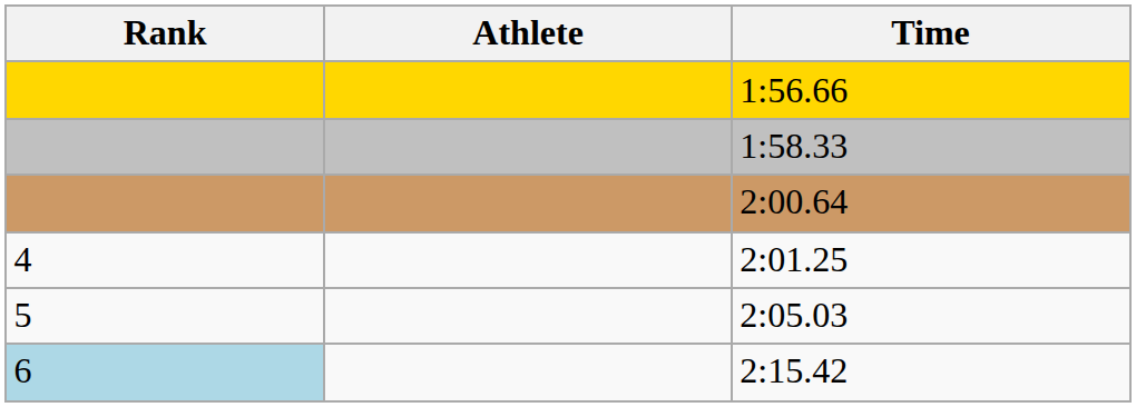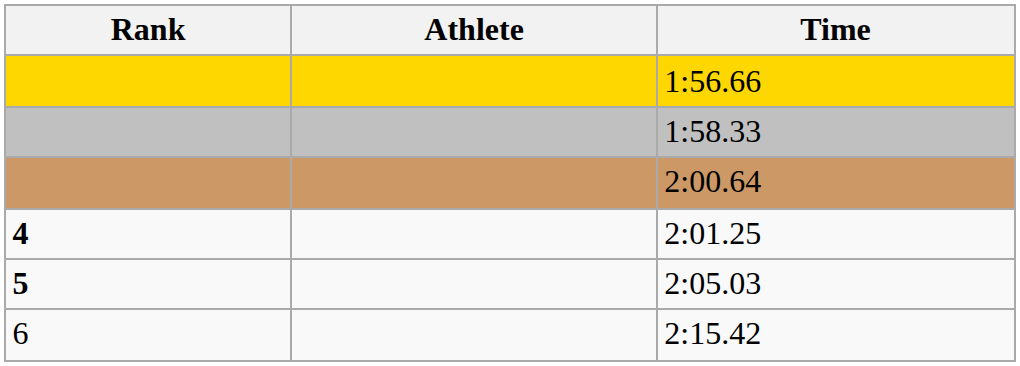 <table class="wikitable" width=40%>
 <tr>
 <th>Rank</th>
 <th>Athlete</th>
 <th>Time</th>
 </tr>
 <tr bgcolor=gold>
 <td></td>
 <td></td>
 <td>1:56.66</td>
 </tr>
 <tr bgcolor=silver>
 <td></td>
 <td></td>
 <td>1:58.33</td>
 </tr>
 <tr bgcolor=cc9966>
 <td></td>
 <td></td>
 <td>2:00.64</td>
 </tr>
 <tr>
-<td>4</td>
+<td><strong>4</strong></td>
 <td></td>
 <td>2:01.25</td>
 </tr>
 <tr>
-<td>5</td>
+<td><strong>5</strong></td>
 <td></td>
 <td>2:05.03</td>
 </tr>
 <tr>
-<td style="background: lightblue;">6</td>
+<td>6</td>
 <td></td>
 <td>2:15.42</td>
 </tr>
 <tr>
 </tr>
 </table>
